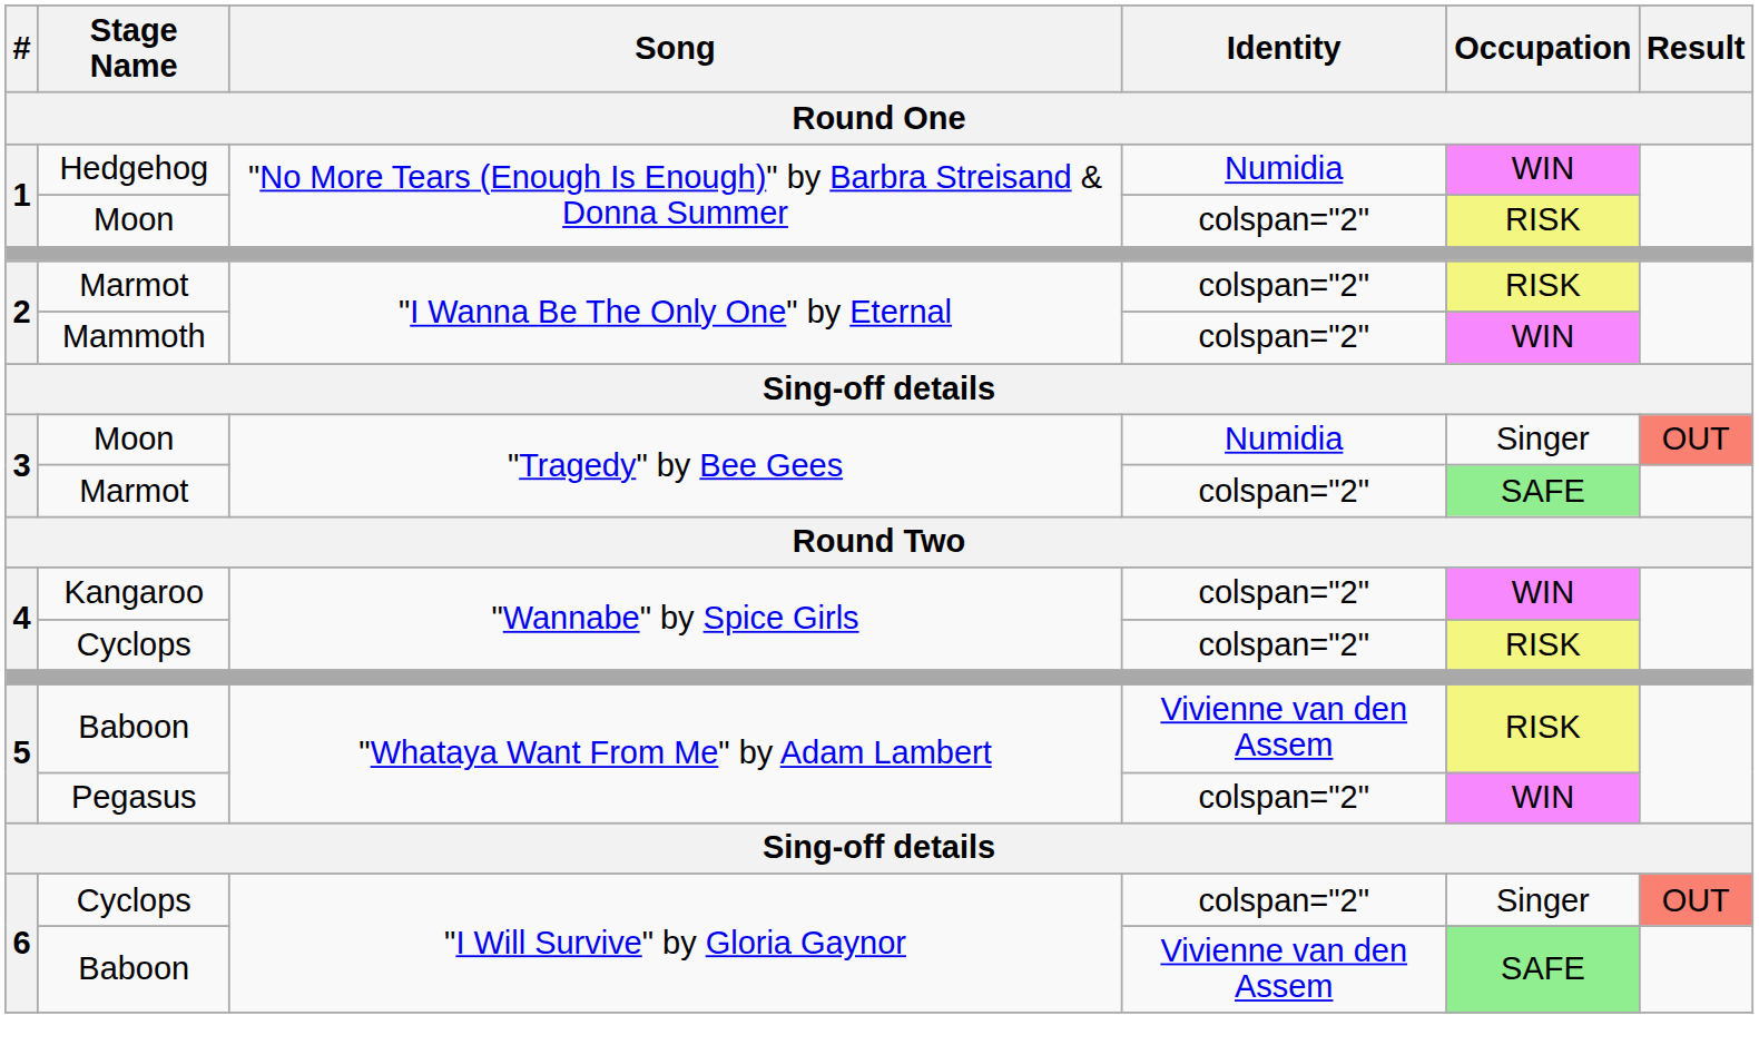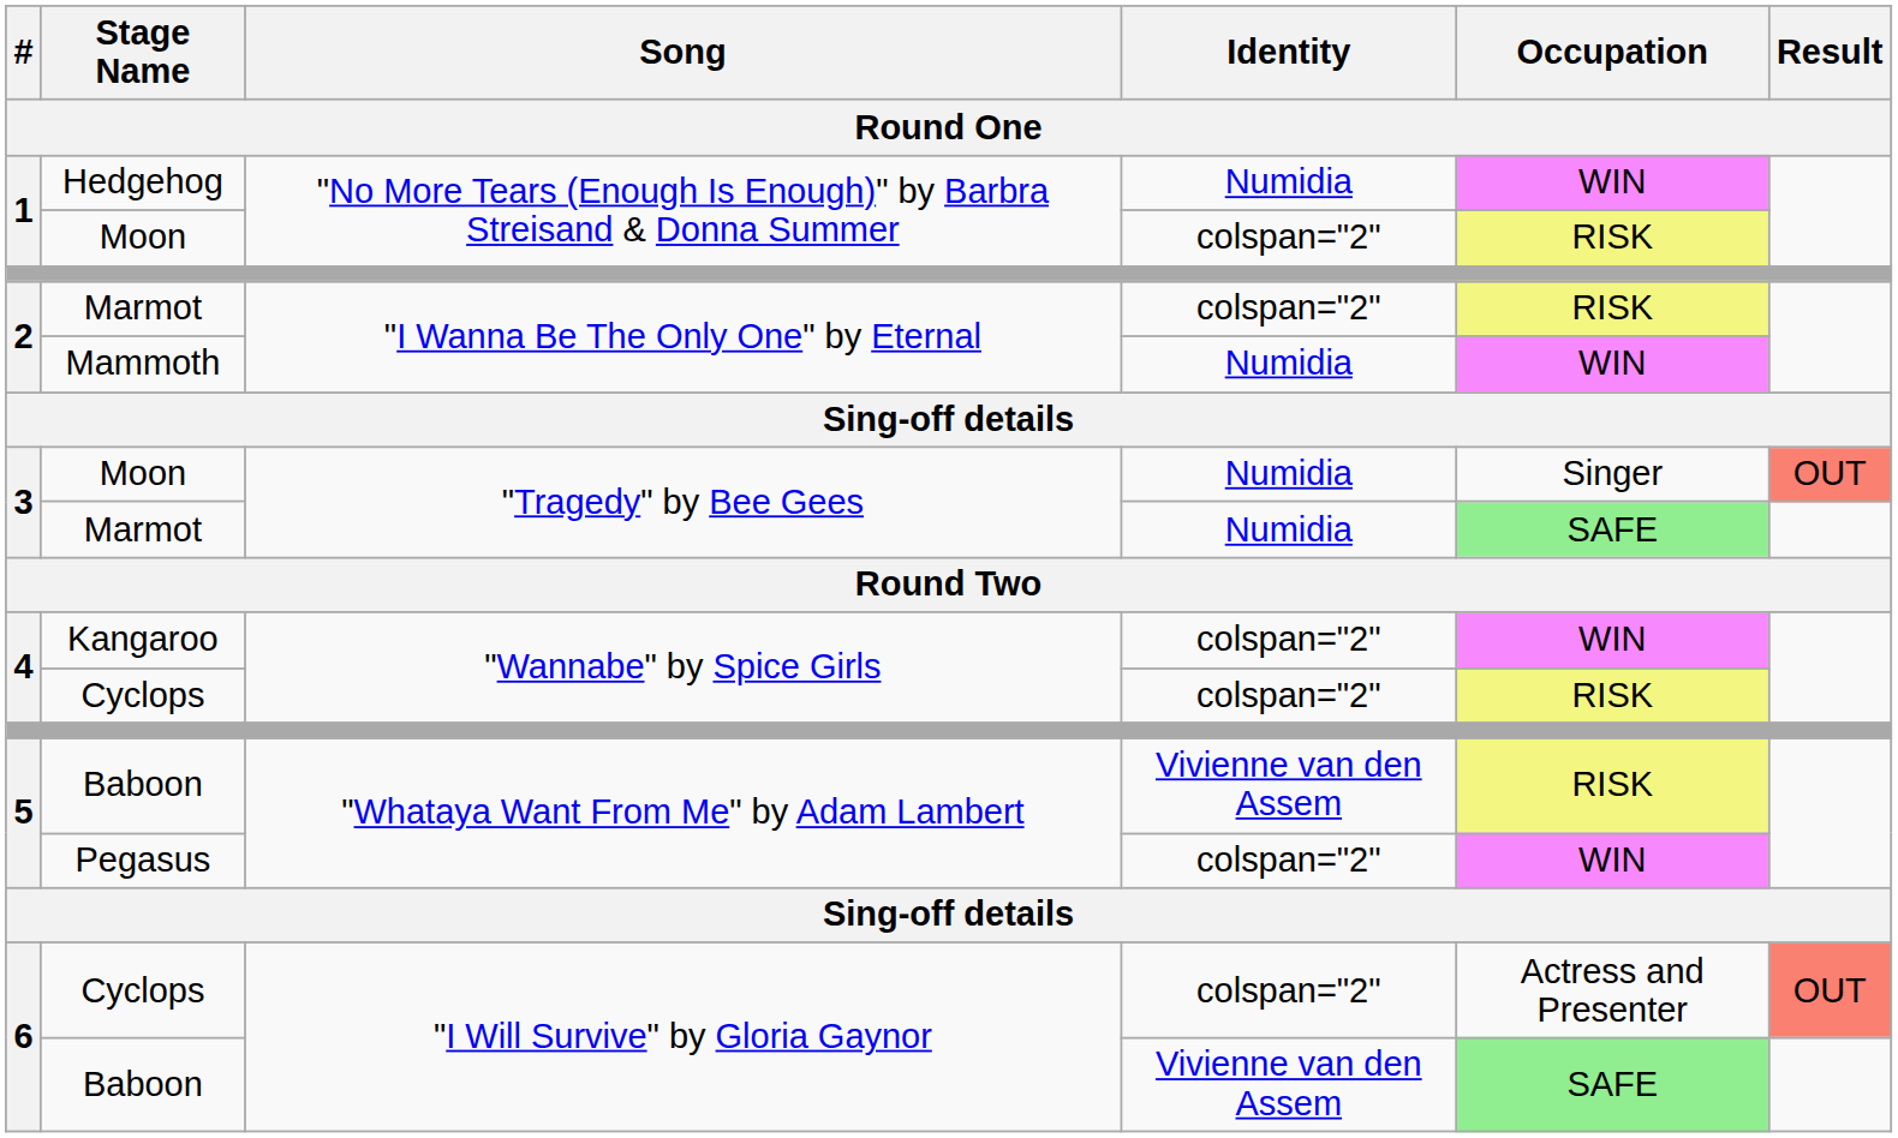 <table class="wikitable plainrowheaders" style="text-align: center;">
 <tr>
 <th><strong>#</strong></th>
 <th><strong>Stage Name</strong></th>
 <th><strong>Song</strong></th>
 <th>Identity</th>
 <th><strong>Occupation</strong></th>
 <th>Result</th>
 </tr>
 <tr>
 <th colspan="6">Round One</th>
 </tr>
 <tr>
 <th rowspan="2">1</th>
 <td>Hedgehog</td>
 <td rowspan="2">"<a href='#'>No More Tears (Enough Is Enough)</a>" by <a href='#'>Barbra Streisand</a> & <a href='#'>Donna Summer</a></td>
 <td><a href='#'>Numidia</a></td>
 <td bgcolor="F888FD">WIN</td>
 </tr>
 <tr>
 <td>Moon</td>
 <td>colspan="2" </td>
 <td bgcolor="#F3F781">RISK</td>
 </tr>
 <tr>
 <th colspan="6" style="background:darkgrey"></th>
 </tr>
 <tr>
 <th rowspan="2">2</th>
 <td>Marmot</td>
 <td rowspan="2">"<a href='#'>I Wanna Be The Only One</a>" by <a href='#'>Eternal</a></td>
 <td>colspan="2" </td>
 <td bgcolor="#F3F781">RISK</td>
 </tr>
 <tr>
 <td>Mammoth</td>
-<td>colspan="2" </td>
+<td><a href='#'>Numidia</a></td>
 <td bgcolor="F888FD">WIN</td>
 </tr>
 <tr>
 <th colspan="6">Sing-off details</th>
 </tr>
 <tr>
 <th rowspan="2">3</th>
 <td>Moon</td>
 <td rowspan="2">"<a href='#'>Tragedy</a>" by <a href='#'>Bee Gees</a></td>
 <td><a href='#'>Numidia</a></td>
 <td>Singer</td>
 <td bgcolor="salmon">OUT</td>
 </tr>
 <tr>
 <td>Marmot</td>
-<td>colspan="2" </td>
+<td><a href='#'>Numidia</a></td>
 <td bgcolor="lightgreen">SAFE</td>
 </tr>
 <tr>
 <th colspan="6">Round Two</th>
 </tr>
 <tr>
 <th rowspan="2">4</th>
 <td>Kangaroo</td>
 <td rowspan="2">"<a href='#'>Wannabe</a>" by <a href='#'>Spice Girls</a></td>
 <td>colspan="2" </td>
 <td bgcolor="F888FD">WIN</td>
 </tr>
 <tr>
 <td>Cyclops</td>
 <td>colspan="2" </td>
 <td bgcolor="#F3F781">RISK</td>
 </tr>
 <tr>
 <th colspan="6" style="background:darkgrey"></th>
 </tr>
 <tr>
 <th rowspan="2">5</th>
 <td>Baboon</td>
 <td rowspan="2">"<a href='#'>Whataya Want From Me</a>" by <a href='#'>Adam Lambert</a></td>
 <td><a href='#'>Vivienne van den Assem</a></td>
 <td bgcolor="#F3F781">RISK</td>
 </tr>
 <tr>
 <td>Pegasus</td>
 <td>colspan="2" </td>
 <td bgcolor="F888FD">WIN</td>
 </tr>
 <tr>
 <th colspan="6">Sing-off details</th>
 </tr>
 <tr>
 <th rowspan="2">6</th>
 <td>Cyclops</td>
 <td rowspan="2">"<a href='#'>I Will Survive</a>" by <a href='#'>Gloria Gaynor</a></td>
 <td>colspan="2" </td>
-<td>Singer</td>
+<td>Actress and Presenter</td>
 <td bgcolor="salmon">OUT</td>
 </tr>
 <tr>
 <td>Baboon</td>
 <td><a href='#'>Vivienne van den Assem</a></td>
 <td bgcolor="lightgreen">SAFE</td>
 </tr>
 </table>
